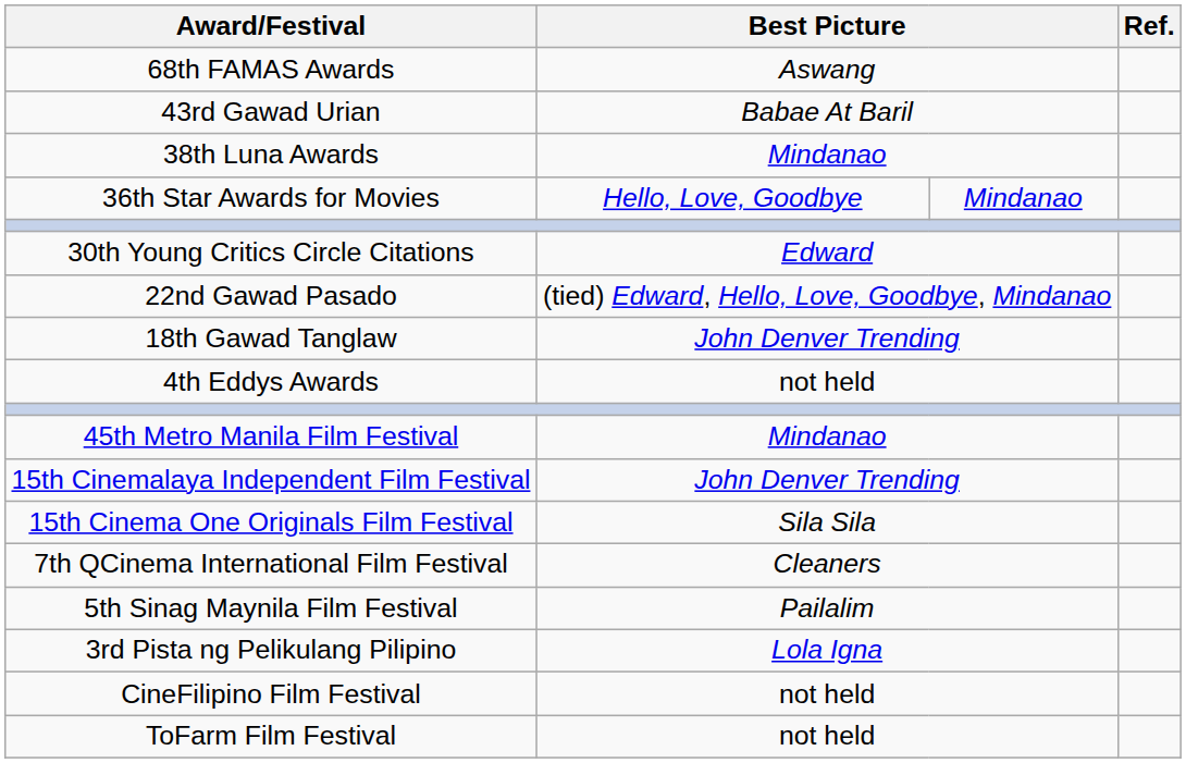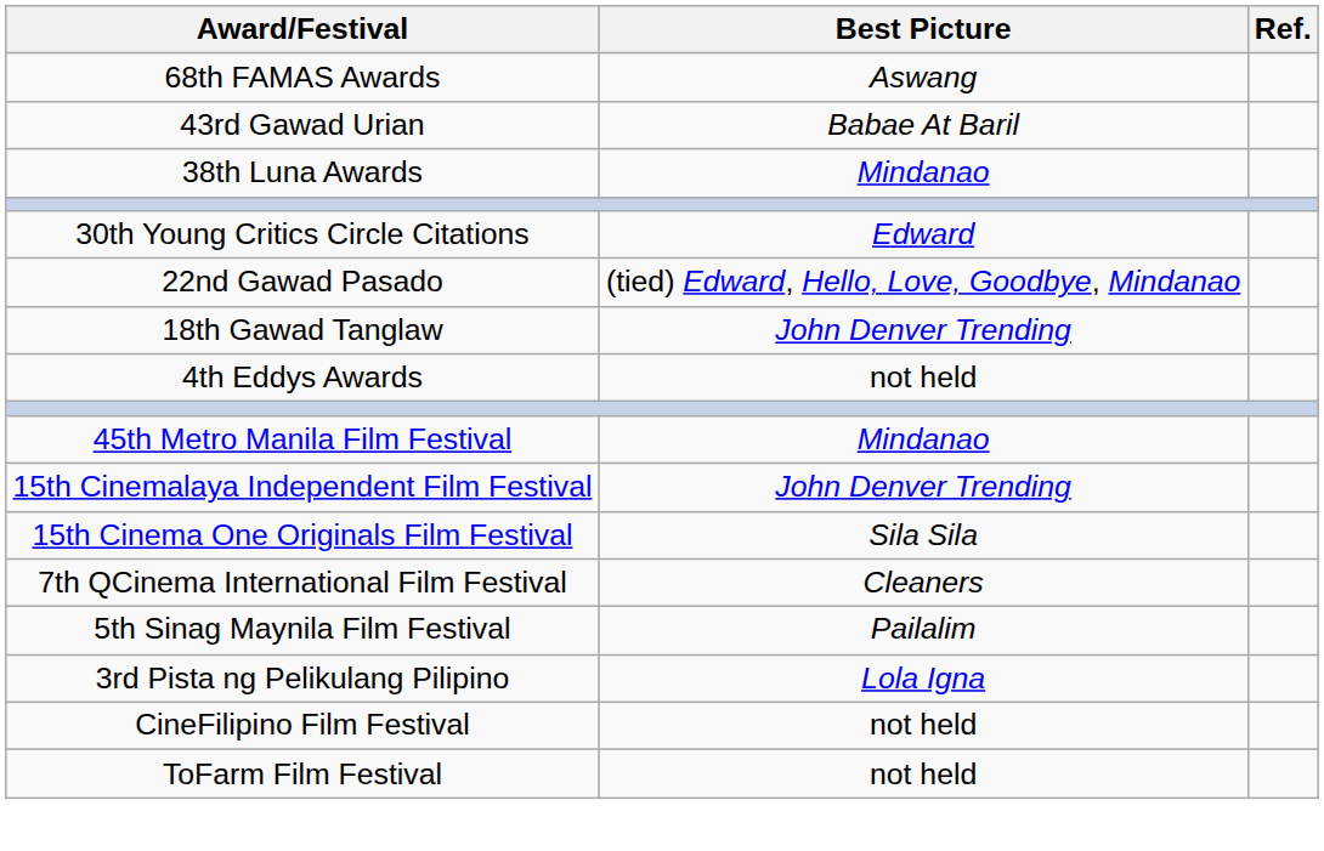 <table class="wikitable"  style="text-align:center">
 <tr>
 <th>Award/Festival</th>
 <th colspan=2>Best Picture</th>
 <th>Ref.</th>
 </tr>
 <tr>
 <td>68th FAMAS Awards</td>
 <td colspan=2><em>Aswang</em></td>
 <td></td>
 </tr>
 <tr>
 <td>43rd Gawad Urian</td>
 <td colspan=2><em>Babae At Baril</em></td>
 <td></td>
 </tr>
 <tr>
 <td>38th Luna Awards</td>
 <td colspan=2><em><a href='#'>Mindanao</a></em></td>
-<td></td>
-</tr>
-<tr>
-<td>36th Star Awards for Movies</td>
-<td><em><a href='#'>Hello, Love, Goodbye</a></em></td>
-<td><em><a href='#'>Mindanao</a></em></td>
 <td></td>
 </tr>
 <tr>
 <td style="background:#c5d2ea; text-align:center;" colspan=4></td>
 </tr>
 <tr>
 <td>30th Young Critics Circle Citations</td>
 <td colspan=2><em><a href='#'>Edward</a></em></td>
 <td></td>
 </tr>
 <tr>
 <td>22nd Gawad Pasado</td>
 <td colspan=2>(tied) <em><a href='#'>Edward</a></em>, <em><a href='#'>Hello, Love, Goodbye</a></em>, <em><a href='#'>Mindanao</a></em></td>
 <td></td>
 </tr>
 <tr>
 <td>18th Gawad Tanglaw</td>
 <td colspan=2><em><a href='#'>John Denver Trending</a></em></td>
 <td></td>
 </tr>
 <tr>
 <td>4th Eddys Awards</td>
 <td colspan=2>not held</td>
 <td></td>
 </tr>
 <tr>
 <td style="background:#c5d2ea; text-align:center;" colspan=4></td>
 </tr>
 <tr>
 <td><a href='#'>45th Metro Manila Film Festival</a></td>
 <td colspan=2><em><a href='#'>Mindanao</a></em></td>
 <td></td>
 </tr>
 <tr>
 <td><a href='#'>15th Cinemalaya Independent Film Festival</a></td>
 <td colspan=2><em><a href='#'>John Denver Trending</a></em></td>
 <td></td>
 </tr>
 <tr>
 <td><a href='#'>15th Cinema One Originals Film Festival</a></td>
 <td colspan=2><em>Sila Sila</em></td>
 <td></td>
 </tr>
 <tr>
 <td>7th QCinema International Film Festival</td>
 <td colspan=2><em>Cleaners</em></td>
 <td></td>
 </tr>
 <tr>
 <td>5th Sinag Maynila Film Festival</td>
 <td colspan=2><em>Pailalim</em></td>
 <td></td>
 </tr>
 <tr>
 <td>3rd Pista ng Pelikulang Pilipino</td>
 <td colspan=2><em><a href='#'>Lola Igna</a></em></td>
 <td></td>
 </tr>
 <tr>
 <td>CineFilipino Film Festival</td>
 <td colspan=2>not held</td>
 <td></td>
 </tr>
 <tr>
 <td>ToFarm Film Festival</td>
 <td colspan=2>not held</td>
 <td></td>
 </tr>
 </table>
